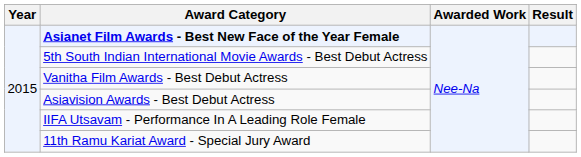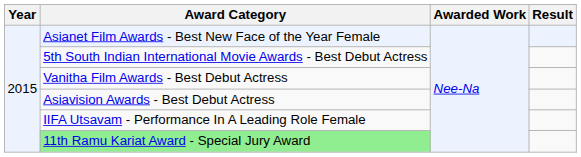 <table class="wikitable">
 <tr>
 <th>Year</th>
 <th>Award Category</th>
 <th>Awarded Work</th>
 <th>Result</th>
 </tr>
 <tr bgcolor=#edf3fe>
 <td rowspan="6">2015</td>
-<td><strong><a href='#'>Asianet Film Awards</a> - Best New Face of the Year Female</strong></td>
+<td><a href='#'>Asianet Film Awards</a> - Best New Face of the Year Female</td>
 <td rowspan="6"><em><a href='#'>Nee-Na</a></em></td>
 <td></td>
 </tr>
 <tr>
 <td><a href='#'>5th South Indian International Movie Awards</a> - Best Debut Actress</td>
 <td></td>
 </tr>
 <tr>
 <td><a href='#'>Vanitha Film Awards</a> - Best Debut Actress</td>
 <td></td>
 </tr>
 <tr>
 <td><a href='#'>Asiavision Awards</a> - Best Debut Actress</td>
 <td></td>
 </tr>
 <tr>
 <td><a href='#'>IIFA Utsavam</a> - Performance In A Leading Role Female</td>
 <td></td>
 </tr>
 <tr>
-<td><a href='#'>11th Ramu Kariat Award</a> -  Special Jury Award</td>
+<td style="background: lightgreen;"><a href='#'>11th Ramu Kariat Award</a> -  Special Jury Award</td>
 <td></td>
 </tr>
 </table>
